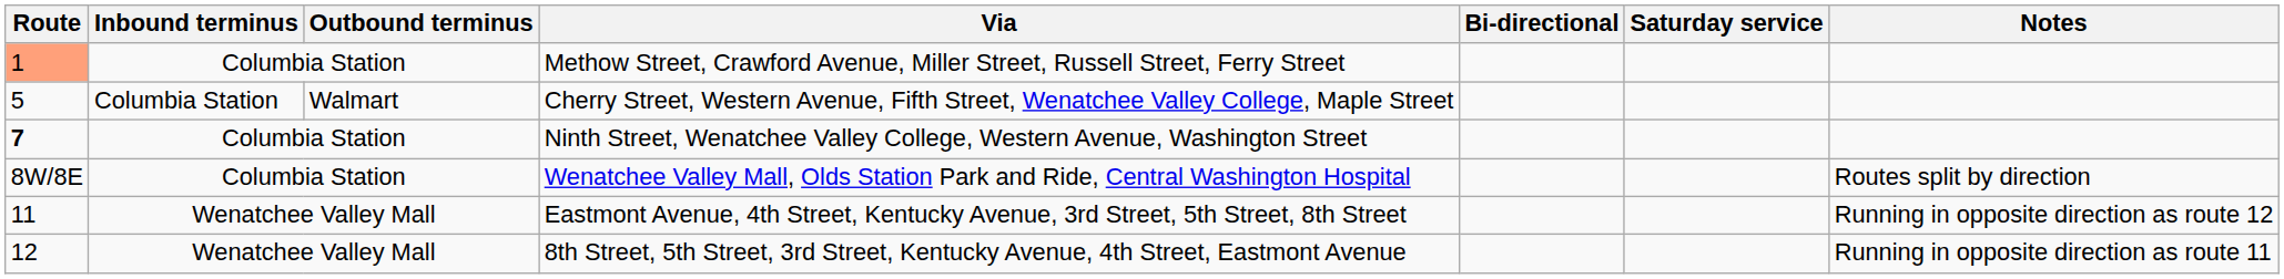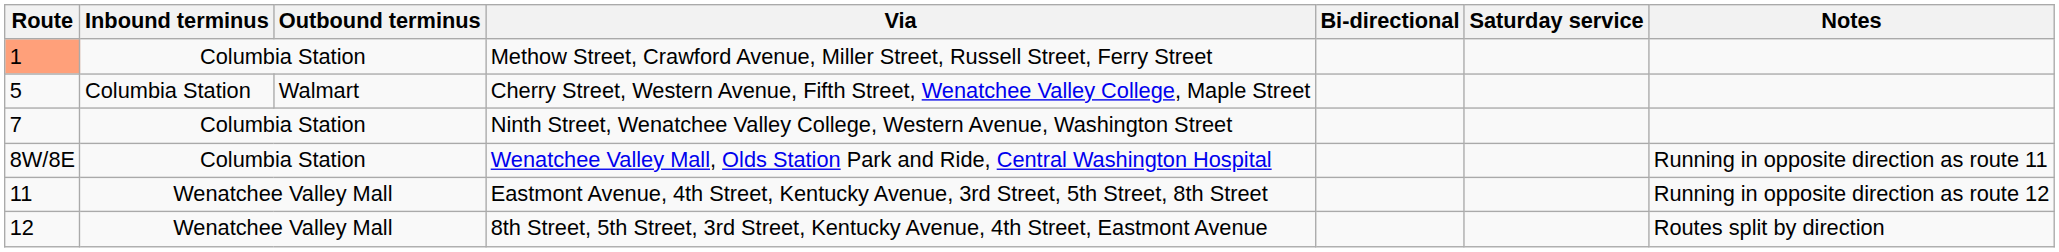 <table class="wikitable sortable">
 <tr>
 <th>Route</th>
 <th class="unsortable">Inbound terminus</th>
 <th class="unsortable">Outbound terminus</th>
 <th class="unsortable">Via</th>
 <th>Bi-directional</th>
 <th>Saturday service</th>
 <th class="unsortable">Notes</th>
 </tr>
 <tr>
 <td style="background: lightsalmon;">1</td>
 <td colspan=2 align=center>Columbia Station</td>
 <td>Methow Street, Crawford Avenue, Miller Street, Russell Street, Ferry Street</td>
 <td></td>
 <td></td>
 <td></td>
 </tr>
 <tr>
 <td>5</td>
 <td>Columbia Station</td>
 <td>Walmart</td>
 <td>Cherry Street, Western Avenue, Fifth Street, <a href='#'>Wenatchee Valley College</a>, Maple Street</td>
 <td></td>
 <td></td>
 <td></td>
 </tr>
 <tr>
-<td><strong>7</strong></td>
+<td>7</td>
 <td colspan=2 align=center>Columbia Station</td>
 <td>Ninth Street, Wenatchee Valley College, Western Avenue, Washington Street</td>
 <td></td>
 <td></td>
 <td></td>
 </tr>
 <tr>
 <td>8W/8E</td>
 <td colspan=2 align=center>Columbia Station</td>
 <td><a href='#'>Wenatchee Valley Mall</a>, <a href='#'>Olds Station</a> Park and Ride, <a href='#'>Central Washington Hospital</a></td>
 <td></td>
 <td></td>
-<td>Routes split by direction</td>
+<td>Running in opposite direction as route 11</td>
 </tr>
 <tr>
 <td>11</td>
 <td colspan=2 align=center>Wenatchee Valley Mall</td>
 <td>Eastmont Avenue, 4th Street, Kentucky Avenue, 3rd Street, 5th Street, 8th Street</td>
 <td></td>
 <td></td>
 <td>Running in opposite direction as route 12</td>
 </tr>
 <tr>
 <td>12</td>
 <td colspan=2 align=center>Wenatchee Valley Mall</td>
 <td>8th Street, 5th Street, 3rd Street, Kentucky Avenue, 4th Street, Eastmont Avenue</td>
 <td></td>
 <td></td>
-<td>Running in opposite direction as route 11</td>
+<td>Routes split by direction</td>
 </tr>
 </table>
